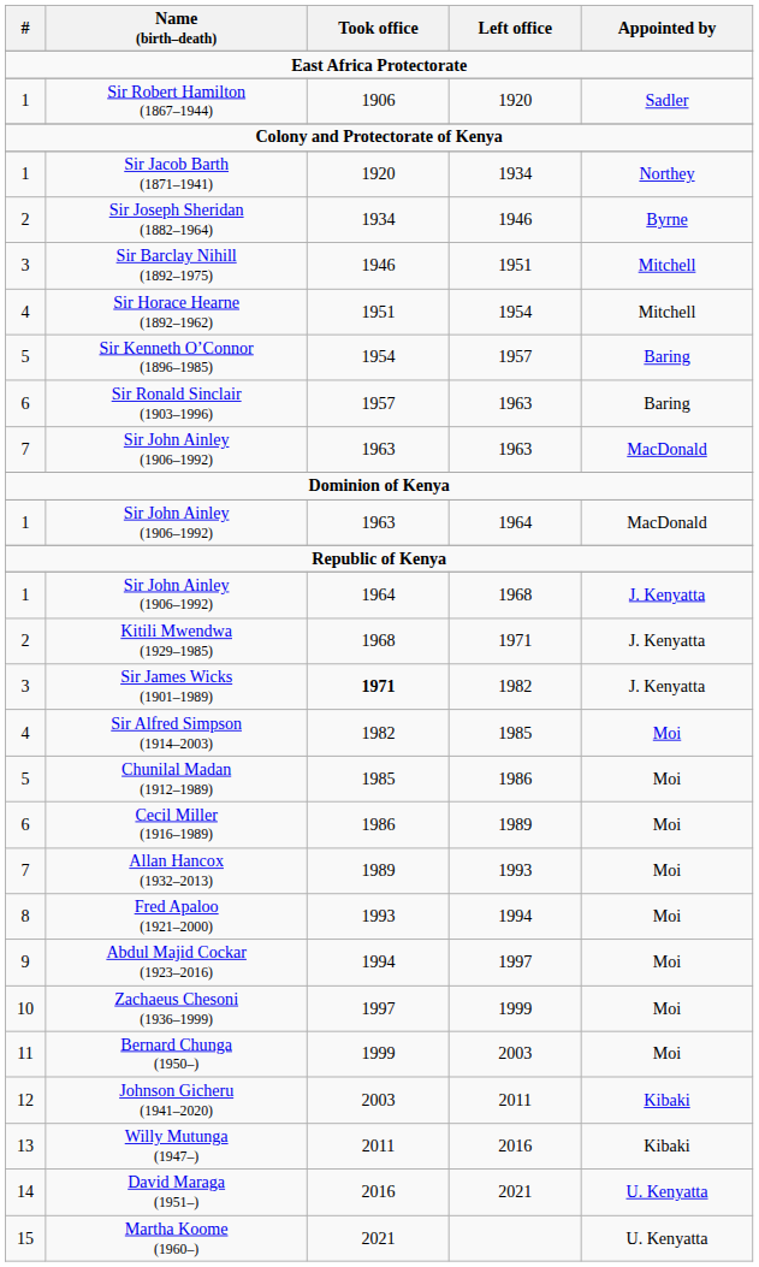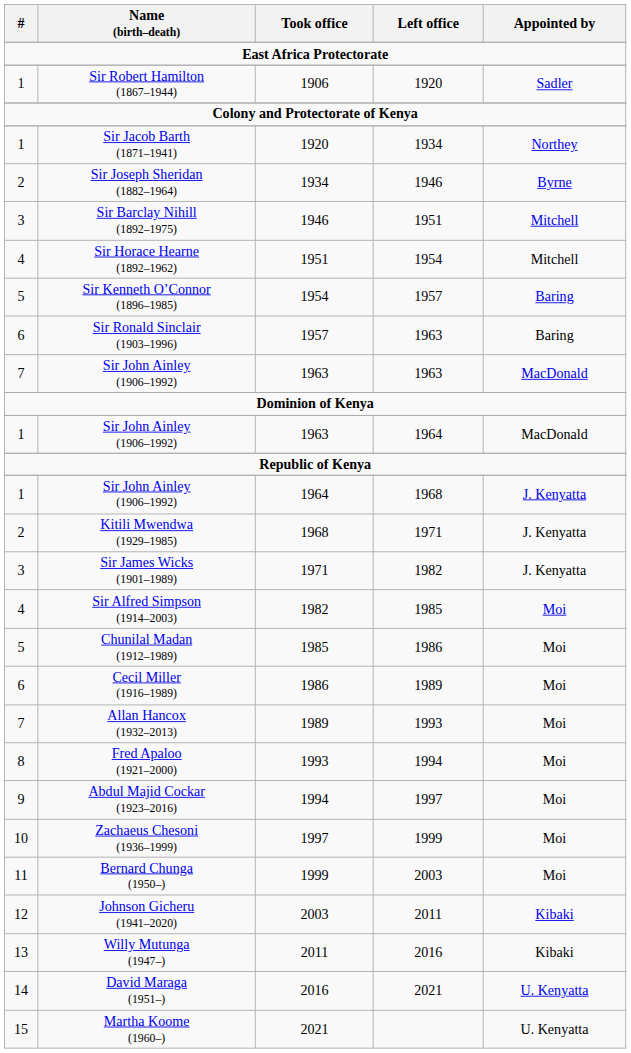 <table class="wikitable" width="80%" style="text-align:center;">
 <tr>
 <th>#</th>
 <th>Name<br><small>(birth–death)</small></th>
 <th>Took office</th>
 <th>Left office</th>
 <th>Appointed by</th>
 </tr>
 <tr align=center>
 </tr>
 <tr align=center>
 </tr>
 <tr>
 </tr>
 <tr align=center>
 <td colspan="7"><strong>East Africa Protectorate</strong></td>
 </tr>
 <tr align=center>
 </tr>
 <tr>
 </tr>
 <tr>
 <td>1</td>
 <td><a href='#'>Sir Robert Hamilton</a><br><small>(1867–1944)</small></td>
 <td>1906</td>
 <td>1920</td>
 <td><a href='#'>Sadler</a></td>
 </tr>
 <tr>
 </tr>
 <tr align=center>
 <td colspan="7"><strong>Colony and Protectorate of Kenya</strong></td>
 </tr>
 <tr align=center>
 </tr>
 <tr>
 <td>1</td>
 <td><a href='#'>Sir Jacob Barth</a><br><small>(1871–1941)</small></td>
 <td>1920</td>
 <td>1934</td>
 <td><a href='#'>Northey</a></td>
 </tr>
 <tr>
 <td>2</td>
 <td><a href='#'>Sir Joseph Sheridan</a><br><small>(1882–1964)</small></td>
 <td>1934</td>
 <td>1946</td>
 <td><a href='#'>Byrne</a></td>
 </tr>
 <tr>
 <td>3</td>
 <td><a href='#'>Sir Barclay Nihill</a><br><small>(1892–1975)</small></td>
 <td>1946</td>
 <td>1951</td>
 <td><a href='#'>Mitchell</a></td>
 </tr>
 <tr>
 <td>4</td>
 <td><a href='#'>Sir Horace Hearne</a><br><small>(1892–1962)</small></td>
 <td>1951</td>
 <td>1954</td>
 <td>Mitchell</td>
 </tr>
 <tr>
 <td>5</td>
 <td><a href='#'>Sir Kenneth O’Connor</a><br><small>(1896–1985)</small></td>
 <td>1954</td>
 <td>1957</td>
 <td><a href='#'>Baring</a></td>
 </tr>
 <tr>
 <td>6</td>
 <td><a href='#'>Sir Ronald Sinclair</a><br><small>(1903–1996)</small></td>
 <td>1957</td>
 <td>1963</td>
 <td>Baring</td>
 </tr>
 <tr>
 <td>7</td>
 <td><a href='#'>Sir John Ainley</a><br><small>(1906–1992)</small></td>
 <td>1963</td>
 <td>1963</td>
 <td><a href='#'>MacDonald</a></td>
 </tr>
 <tr>
 </tr>
 <tr align=center>
 <td colspan="7"><strong>Dominion of Kenya</strong></td>
 </tr>
 <tr align=center>
 </tr>
 <tr>
 <td>1</td>
 <td><a href='#'>Sir John Ainley</a><br><small>(1906–1992)</small></td>
 <td>1963</td>
 <td>1964</td>
 <td>MacDonald</td>
 </tr>
 <tr>
 </tr>
 <tr align=center>
 <td colspan="7"><strong>Republic of Kenya</strong></td>
 </tr>
 <tr align=center>
 </tr>
 <tr>
 <td>1</td>
 <td><a href='#'>Sir John Ainley</a><br><small>(1906–1992)</small></td>
 <td>1964</td>
 <td>1968</td>
 <td><a href='#'>J. Kenyatta</a></td>
 </tr>
 <tr>
 <td>2</td>
 <td><a href='#'>Kitili Mwendwa</a><br><small>(1929–1985)</small></td>
 <td>1968</td>
 <td>1971</td>
 <td>J. Kenyatta</td>
 </tr>
 <tr>
 <td>3</td>
 <td><a href='#'>Sir James Wicks</a><br><small>(1901–1989)</small></td>
-<td><strong>1971</strong></td>
+<td>1971</td>
 <td>1982</td>
 <td>J. Kenyatta</td>
 </tr>
 <tr>
 <td>4</td>
 <td><a href='#'>Sir Alfred Simpson</a><br><small>(1914–2003)</small></td>
 <td>1982</td>
 <td>1985</td>
 <td><a href='#'>Moi</a></td>
 </tr>
 <tr>
 <td>5</td>
 <td><a href='#'>Chunilal Madan</a><br><small>(1912–1989)</small></td>
 <td>1985</td>
 <td>1986</td>
 <td>Moi</td>
 </tr>
 <tr>
 <td>6</td>
 <td><a href='#'>Cecil Miller</a><br><small>(1916–1989)</small></td>
 <td>1986</td>
 <td>1989</td>
 <td>Moi</td>
 </tr>
 <tr>
 <td>7</td>
 <td><a href='#'>Allan Hancox</a><br><small>(1932–2013)</small></td>
 <td>1989</td>
 <td>1993</td>
 <td>Moi</td>
 </tr>
 <tr>
 <td>8</td>
 <td><a href='#'>Fred Apaloo</a><br><small>(1921–2000)</small></td>
 <td>1993</td>
 <td>1994</td>
 <td>Moi</td>
 </tr>
 <tr>
 <td>9</td>
 <td><a href='#'>Abdul Majid Cockar</a><br><small>(1923–2016)</small></td>
 <td>1994</td>
 <td>1997</td>
 <td>Moi</td>
 </tr>
 <tr>
 <td>10</td>
 <td><a href='#'>Zachaeus Chesoni</a><br><small>(1936–1999)</small></td>
 <td>1997</td>
 <td>1999</td>
 <td>Moi</td>
 </tr>
 <tr>
 <td>11</td>
 <td><a href='#'>Bernard Chunga</a><br><small>(1950–)</small></td>
 <td>1999</td>
 <td>2003</td>
 <td>Moi</td>
 </tr>
 <tr>
 <td>12</td>
 <td><a href='#'>Johnson Gicheru</a><br><small>(1941–2020)</small></td>
 <td>2003</td>
 <td>2011</td>
 <td><a href='#'>Kibaki</a></td>
 </tr>
 <tr>
 <td>13</td>
 <td><a href='#'>Willy Mutunga</a><br><small>(1947–)</small></td>
 <td>2011</td>
 <td>2016</td>
 <td>Kibaki</td>
 </tr>
 <tr>
 <td>14</td>
 <td><a href='#'>David Maraga</a><br><small>(1951–)</small></td>
 <td>2016</td>
 <td>2021</td>
 <td><a href='#'>U. Kenyatta</a></td>
 </tr>
 <tr>
 <td>15</td>
 <td><a href='#'>Martha Koome</a><br><small>(1960–)</small></td>
 <td>2021</td>
 <td></td>
 <td>U. Kenyatta</td>
 </tr>
 </table>
